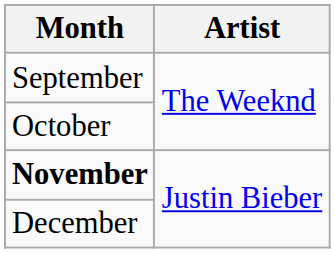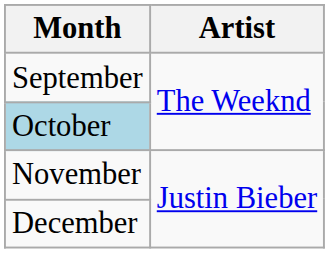 <table class="wikitable sortable plainrowheaders">
 <tr>
 <th>Month</th>
 <th>Artist</th>
 </tr>
 <tr>
 <td>September</td>
 <td rowspan="2"><a href='#'>The Weeknd</a></td>
 </tr>
 <tr>
-<td>October</td>
+<td style="background: lightblue;">October</td>
 </tr>
 <tr>
-<td><strong>November</strong></td>
+<td>November</td>
 <td rowspan="2"><a href='#'>Justin Bieber</a></td>
 </tr>
 <tr>
 <td>December</td>
 </tr>
 </table>
